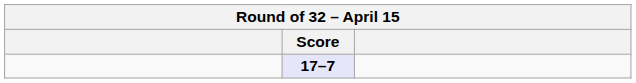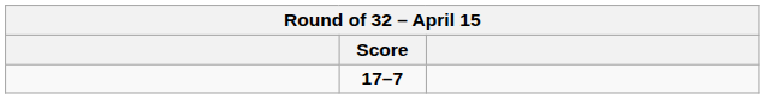 <table class="wikitable" style="text-align: center; font-size:90% ">
 <tr>
 <th colspan=3>Round of 32 – April 15</th>
 </tr>
 <tr>
 <th align="right" width="250"></th>
 <th width="60">Score</th>
 <th align="left" width="250"></th>
 </tr>
 <tr>
 <td align=left><strong></strong></td>
-<td align=center style="background: lavender;"><strong>17–7</strong></td>
+<td align=center><strong>17–7</strong></td>
 <td align=left></td>
 </tr>
 </table>
